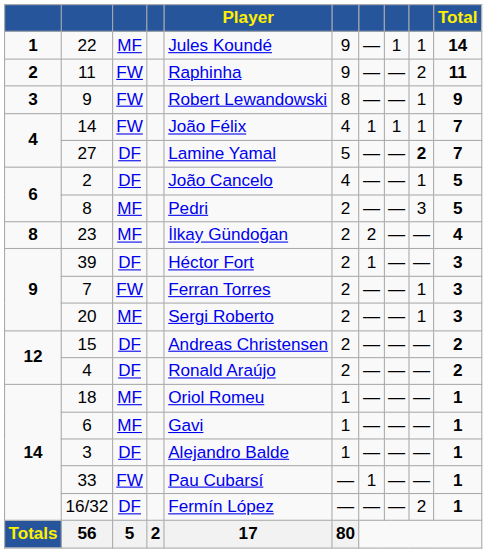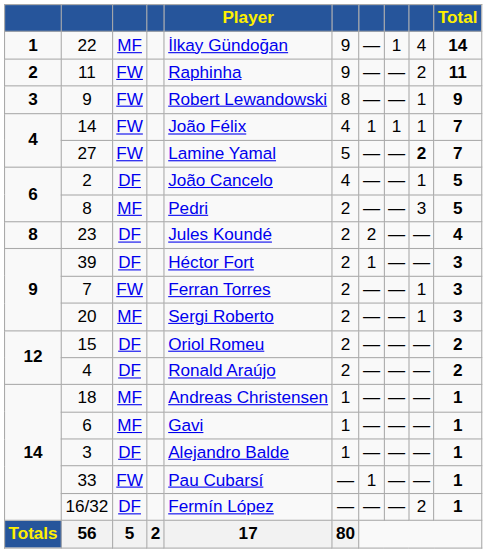 <table class="wikitable" style="text-align:center">
 <tr>
 <th style="background:#26559B;color:#FFF000;"></th>
 <th style="background:#26559B;color:#FFF000;"></th>
 <th style="background:#26559B;color:#FFF000;"></th>
 <th style="background:#26559B;color:#FFF000;"></th>
 <th style="background:#26559B;color:#FFF000;">Player</th>
 <th style="background:#26559B;color:#FFF000;"></th>
 <th style="background:#26559B;color:#FFF000;"></th>
 <th style="background:#26559B;color:#FFF000;"></th>
 <th style="background:#26559B;color:#FFF000;"></th>
 <th style="background:#26559B;color:#FFF000;">Total</th>
 </tr>
 <tr>
 <td><strong>1</strong></td>
 <td>22</td>
 <td><a href='#'>MF</a></td>
 <td></td>
-<td style="text-align:left"><a href='#'>Jules Koundé</a></td>
+<td style="text-align:left"><a href='#'>İlkay Gündoğan</a></td>
 <td>9</td>
 <td>—</td>
 <td>1</td>
-<td>1</td>
+<td>4</td>
 <td><strong>14</strong></td>
 </tr>
 <tr>
 <td><strong>2</strong></td>
 <td>11</td>
 <td><a href='#'>FW</a></td>
 <td></td>
 <td style="text-align:left"><a href='#'>Raphinha</a></td>
 <td>9</td>
 <td>—</td>
 <td>—</td>
 <td>2</td>
 <td><strong>11</strong></td>
 </tr>
 <tr>
 <td><strong>3</strong></td>
 <td>9</td>
 <td><a href='#'>FW</a></td>
 <td></td>
 <td style="text-align:left"><a href='#'>Robert Lewandowski</a></td>
 <td>8</td>
 <td>—</td>
 <td>—</td>
 <td>1</td>
 <td><strong>9</strong></td>
 </tr>
 <tr>
 <td rowspan=2><strong>4</strong></td>
 <td>14</td>
 <td><a href='#'>FW</a></td>
 <td></td>
 <td style="text-align:left"><a href='#'>João Félix</a></td>
 <td>4</td>
 <td>1</td>
 <td>1</td>
 <td>1</td>
 <td><strong>7</strong></td>
 </tr>
 <tr>
 <td>27</td>
-<td><a href='#'>DF</a></td>
+<td><a href='#'>FW</a></td>
 <td></td>
 <td style="text-align:left"><a href='#'>Lamine Yamal</a></td>
 <td>5</td>
 <td>—</td>
 <td>—</td>
 <td><strong>2</strong></td>
 <td><strong>7</strong></td>
 </tr>
 <tr>
 <td rowspan=2><strong>6</strong></td>
 <td>2</td>
 <td><a href='#'>DF</a></td>
 <td></td>
 <td style="text-align:left"><a href='#'>João Cancelo</a></td>
 <td>4</td>
 <td>—</td>
 <td>—</td>
 <td>1</td>
 <td><strong>5</strong></td>
 </tr>
 <tr>
 <td>8</td>
 <td><a href='#'>MF</a></td>
 <td></td>
 <td style="text-align:left"><a href='#'>Pedri</a></td>
 <td>2</td>
 <td>—</td>
 <td>—</td>
 <td>3</td>
 <td><strong>5</strong></td>
 </tr>
 <tr>
 <td><strong>8</strong></td>
 <td>23</td>
-<td><a href='#'>MF</a></td>
+<td><a href='#'>DF</a></td>
 <td></td>
-<td style="text-align:left"><a href='#'>İlkay Gündoğan</a></td>
+<td style="text-align:left"><a href='#'>Jules Koundé</a></td>
 <td>2</td>
 <td>2</td>
 <td>—</td>
 <td>—</td>
 <td><strong>4</strong></td>
 </tr>
 <tr>
 <td rowspan=3><strong>9</strong></td>
 <td>39</td>
 <td><a href='#'>DF</a></td>
 <td></td>
 <td style="text-align:left"><a href='#'>Héctor Fort</a></td>
 <td>2</td>
 <td>1</td>
 <td>—</td>
 <td>—</td>
 <td><strong>3</strong></td>
 </tr>
 <tr>
 <td>7</td>
 <td><a href='#'>FW</a></td>
 <td></td>
 <td style="text-align:left"><a href='#'>Ferran Torres</a></td>
 <td>2</td>
 <td>—</td>
 <td>—</td>
 <td>1</td>
 <td><strong>3</strong></td>
 </tr>
 <tr>
 <td>20</td>
 <td><a href='#'>MF</a></td>
 <td></td>
 <td style="text-align:left"><a href='#'>Sergi Roberto</a></td>
 <td>2</td>
 <td>—</td>
 <td>—</td>
 <td>1</td>
 <td><strong>3</strong></td>
 </tr>
 <tr>
 <td rowspan=2><strong>12</strong></td>
 <td>15</td>
 <td><a href='#'>DF</a></td>
 <td></td>
-<td style="text-align:left"><a href='#'>Andreas Christensen</a></td>
+<td style="text-align:left"><a href='#'>Oriol Romeu</a></td>
 <td>2</td>
 <td>—</td>
 <td>—</td>
 <td>—</td>
 <td><strong>2</strong></td>
 </tr>
 <tr>
 <td>4</td>
 <td><a href='#'>DF</a></td>
 <td></td>
 <td style="text-align:left"><a href='#'>Ronald Araújo</a></td>
 <td>2</td>
 <td>—</td>
 <td>—</td>
 <td>—</td>
 <td><strong>2</strong></td>
 </tr>
 <tr>
 <td rowspan=5><strong>14</strong></td>
 <td>18</td>
 <td><a href='#'>MF</a></td>
 <td></td>
-<td style="text-align:left"><a href='#'>Oriol Romeu</a></td>
+<td style="text-align:left"><a href='#'>Andreas Christensen</a></td>
 <td>1</td>
 <td>—</td>
 <td>—</td>
 <td>—</td>
 <td><strong>1</strong></td>
 </tr>
 <tr>
 <td>6</td>
 <td><a href='#'>MF</a></td>
 <td></td>
 <td style="text-align:left"><a href='#'>Gavi</a></td>
 <td>1</td>
 <td>—</td>
 <td>—</td>
 <td>—</td>
 <td><strong>1</strong></td>
 </tr>
 <tr>
 <td>3</td>
 <td><a href='#'>DF</a></td>
 <td></td>
 <td style="text-align:left"><a href='#'>Alejandro Balde</a></td>
 <td>1</td>
 <td>—</td>
 <td>—</td>
 <td>—</td>
 <td><strong>1</strong></td>
 </tr>
 <tr>
 <td>33</td>
 <td><a href='#'>FW</a></td>
 <td></td>
 <td style="text-align:left"><a href='#'>Pau Cubarsí</a></td>
 <td>—</td>
 <td>1</td>
 <td>—</td>
 <td>—</td>
 <td><strong>1</strong></td>
 </tr>
 <tr>
 <td>16/32</td>
 <td><a href='#'>DF</a></td>
 <td></td>
 <td style="text-align:left"><a href='#'>Fermín López</a></td>
 <td>—</td>
 <td>—</td>
 <td>—</td>
 <td>2</td>
 <td><strong>1</strong></td>
 </tr>
 <tr>
 <th style="background:#26559B;color:#FFF000;">Totals</th>
 <th><strong>56</strong></th>
 <th><strong>5</strong></th>
 <th><strong>2</strong></th>
 <th><strong>17</strong></th>
 <th><strong>80</strong></th>
 </tr>
 </table>
